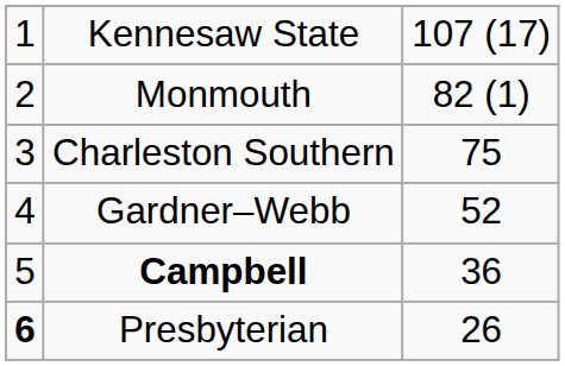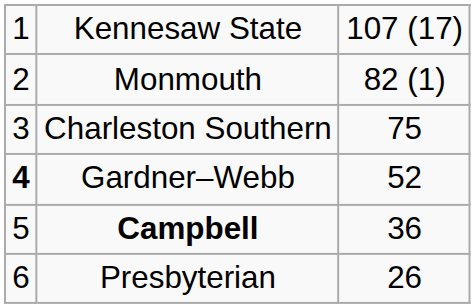 <table class="wikitable">
 <tr align="center">
 </tr>
 <tr align="center">
 <td>1</td>
 <td>Kennesaw State</td>
 <td>107 (17)</td>
 </tr>
 <tr align="center">
 <td>2</td>
 <td>Monmouth</td>
 <td>82 (1)</td>
 </tr>
 <tr align="center">
 <td>3</td>
 <td>Charleston Southern</td>
 <td>75</td>
 </tr>
 <tr align="center">
-<td>4</td>
+<td><strong>4</strong></td>
 <td>Gardner–Webb</td>
 <td>52</td>
 </tr>
 <tr align="center">
 <td>5</td>
 <td><strong>Campbell</strong></td>
 <td>36</td>
 </tr>
 <tr align="center">
-<td><strong>6</strong></td>
+<td>6</td>
 <td>Presbyterian</td>
 <td>26</td>
 </tr>
 </table>
